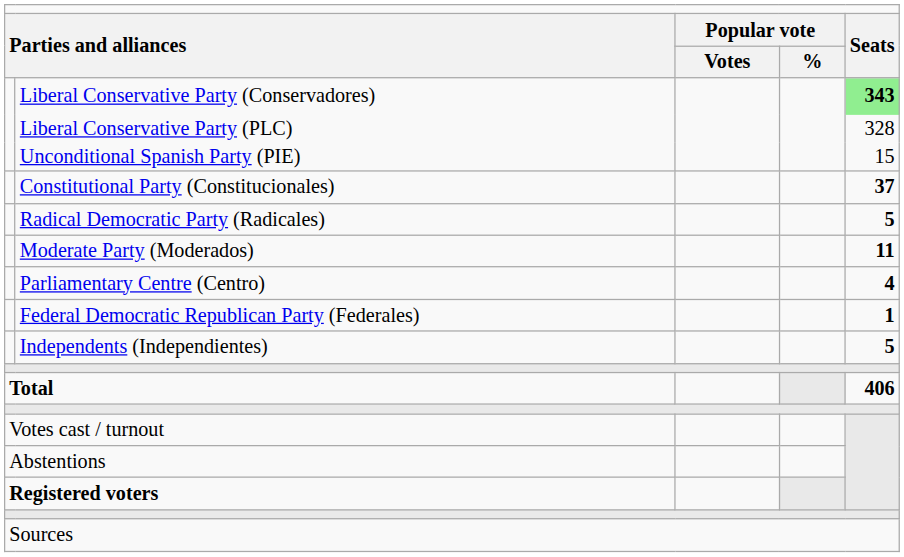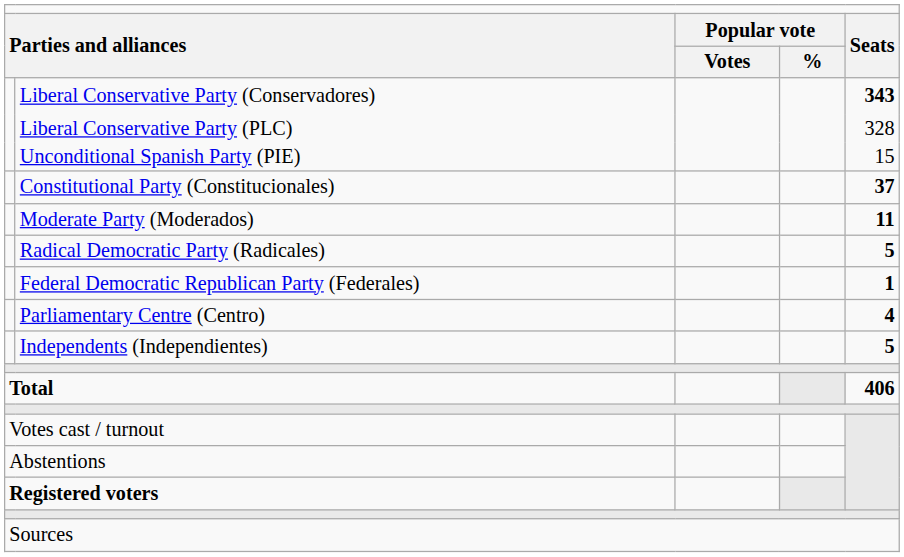 <table class="wikitable" style="text-align:right;">
 <tr>
 <td colspan="5"></td>
 </tr>
 <tr>
 <th style="text-align:left;" rowspan="2" colspan="2" width="525">Parties and alliances</th>
 <th colspan="2">Popular vote</th>
 <th rowspan="2" width="35">Seats</th>
 </tr>
 <tr>
 <th width="75">Votes</th>
 <th width="45">%</th>
 </tr>
 <tr style="line-height:22px;">
 <td width="1" rowspan="3"></td>
 <td align="left"><a href='#'>Liberal Conservative Party</a> (Conservadores)</td>
 <td rowspan="3"></td>
 <td rowspan="3"></td>
-<td style="background: lightgreen;"><strong>343</strong></td>
+<td><strong>343</strong></td>
 </tr>
 <tr style="border-bottom-style:hidden; border-top-style:hidden; line-height:16px;">
 <td align="left"><span><a href='#'>Liberal Conservative Party</a> (PLC)</span></td>
 <td>328</td>
 </tr>
 <tr style="line-height:16px;">
 <td align="left"><span><a href='#'>Unconditional Spanish Party</a> (PIE)</span></td>
 <td>15</td>
 </tr>
 <tr>
 <td style="color:inherit;background:"></td>
 <td align="left"><a href='#'>Constitutional Party</a> (Constitucionales)</td>
 <td></td>
 <td></td>
 <td><strong>37</strong></td>
 </tr>
 <tr>
 <td style="color:inherit;background:"></td>
+<td align="left"><a href='#'>Moderate Party</a> (Moderados)</td>
+<td></td>
+<td></td>
+<td><strong>11</strong></td>
+</tr>
+<tr>
+<td style="color:inherit;background:"></td>
 <td align="left"><a href='#'>Radical Democratic Party</a> (Radicales)</td>
 <td></td>
 <td></td>
 <td><strong>5</strong></td>
 </tr>
 <tr>
 <td style="color:inherit;background:"></td>
-<td align="left"><a href='#'>Moderate Party</a> (Moderados)</td>
+<td align="left"><a href='#'>Federal Democratic Republican Party</a> (Federales)</td>
 <td></td>
 <td></td>
-<td><strong>11</strong></td>
+<td><strong>1</strong></td>
 </tr>
 <tr>
 <td style="color:inherit;background:"></td>
 <td align="left"><a href='#'>Parliamentary Centre</a> (Centro)</td>
 <td></td>
 <td></td>
 <td><strong>4</strong></td>
-</tr>
-<tr>
-<td style="color:inherit;background:"></td>
-<td align="left"><a href='#'>Federal Democratic Republican Party</a> (Federales)</td>
-<td></td>
-<td></td>
-<td><strong>1</strong></td>
 </tr>
 <tr>
 <td style="color:inherit;background:"></td>
 <td align="left"><a href='#'>Independents</a> (Independientes)</td>
 <td></td>
 <td></td>
 <td><strong>5</strong></td>
 </tr>
 <tr>
 <td colspan="5" bgcolor="#E9E9E9"></td>
 </tr>
 <tr style="font-weight:bold;">
 <td align="left" colspan="2">Total</td>
 <td></td>
 <td bgcolor="#E9E9E9"></td>
 <td>406</td>
 </tr>
 <tr>
 <td colspan="5" bgcolor="#E9E9E9"></td>
 </tr>
 <tr>
 <td align="left" colspan="2">Votes cast / turnout</td>
 <td></td>
 <td></td>
 <td bgcolor="#E9E9E9" rowspan="3"></td>
 </tr>
 <tr>
 <td align="left" colspan="2">Abstentions</td>
 <td></td>
 <td></td>
 </tr>
 <tr style="font-weight:bold;">
 <td align="left" colspan="2">Registered voters</td>
 <td></td>
 <td bgcolor="#E9E9E9"></td>
 </tr>
 <tr>
 <td colspan="5" bgcolor="#E9E9E9"></td>
 </tr>
 <tr>
 <td align="left" colspan="5">Sources</td>
 </tr>
 </table>
